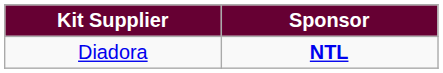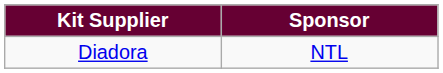 <table class="wikitable"  style="text-align:center; font-size:90%; ">
 <tr>
 <th style="background:#660033;color:#FFFFFF; width:150px;">Kit Supplier</th>
 <th style="background:#660033;color:#FFFFFF; width:150px;">Sponsor</th>
 </tr>
 <tr>
 <td><a href='#'>Diadora</a></td>
-<td><strong><a href='#'>NTL</a></strong></td>
+<td><a href='#'>NTL</a></td>
 </tr>
 </table>
